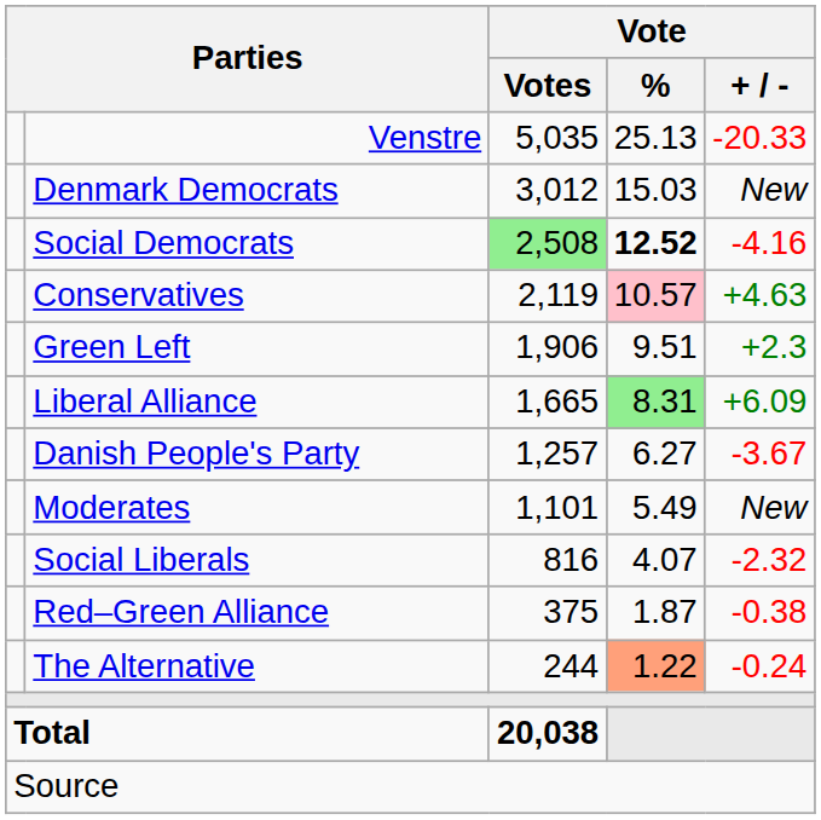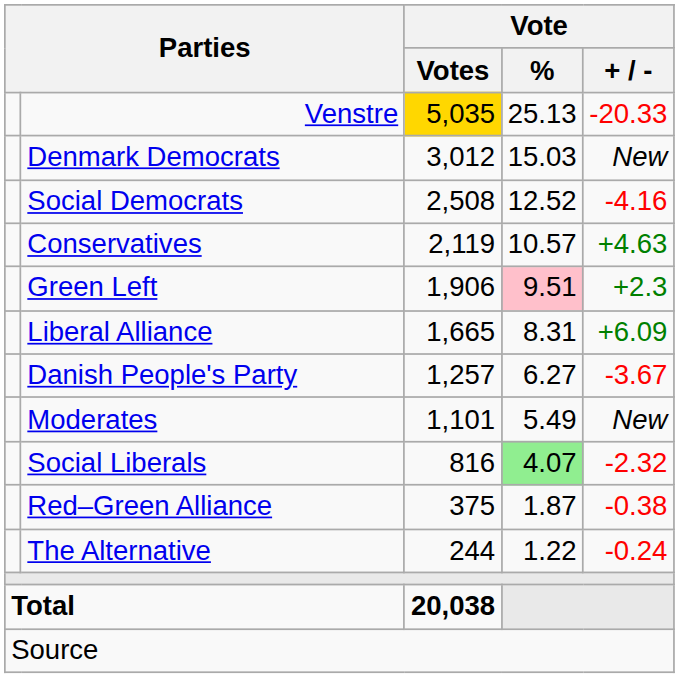 <table class="wikitable" style="text-align:right;">
 <tr>
 <th style="text-align:centre;" rowspan="2" colspan="2" width="225">Parties</th>
 <th colspan="3">Vote</th>
 </tr>
 <tr>
 <th width="15">Votes</th>
 <th width="15">%</th>
 <th width="15">+ / -</th>
 </tr>
 <tr>
 <td width=2 bgcolor=></td>
 <td><a href='#'>Venstre</a></td>
-<td>5,035</td>
+<td style="background: gold;">5,035</td>
 <td>25.13</td>
 <td style=color:red;>-20.33</td>
 </tr>
 <tr>
 <td width=2 bgcolor=></td>
 <td align=left><a href='#'>Denmark Democrats</a></td>
 <td>3,012</td>
 <td>15.03</td>
 <td><em>New</em></td>
 </tr>
 <tr>
 <td width=2 bgcolor=></td>
 <td align=left><a href='#'>Social Democrats</a></td>
-<td style="background: lightgreen;">2,508</td>
-<td><strong>12.52</strong></td>
+<td>2,508</td>
+<td>12.52</td>
 <td style=color:red;>-4.16</td>
 </tr>
 <tr>
 <td width=2 bgcolor=></td>
 <td align=left><a href='#'>Conservatives</a></td>
 <td>2,119</td>
-<td style="background: pink;">10.57</td>
+<td>10.57</td>
 <td style=color:green;>+4.63</td>
 </tr>
 <tr>
 <td width=2 bgcolor=></td>
 <td align=left><a href='#'>Green Left</a></td>
 <td>1,906</td>
-<td>9.51</td>
+<td style="background: pink;">9.51</td>
 <td style=color:green;>+2.3</td>
 </tr>
 <tr>
 <td width=2 bgcolor=></td>
 <td align=left><a href='#'>Liberal Alliance</a></td>
 <td>1,665</td>
-<td style="background: lightgreen;">8.31</td>
+<td>8.31</td>
 <td style=color:green;>+6.09</td>
 </tr>
 <tr>
 <td width=2 bgcolor=></td>
 <td align=left><a href='#'>Danish People's Party</a></td>
 <td>1,257</td>
 <td>6.27</td>
 <td style=color:red;>-3.67</td>
 </tr>
 <tr>
 <td width=2 bgcolor=></td>
 <td align=left><a href='#'>Moderates</a></td>
 <td>1,101</td>
 <td>5.49</td>
 <td><em>New</em></td>
 </tr>
 <tr>
 <td width=2 bgcolor=></td>
 <td align=left><a href='#'>Social Liberals</a></td>
 <td>816</td>
-<td>4.07</td>
+<td style="background: lightgreen;">4.07</td>
 <td style=color:red;>-2.32</td>
 </tr>
 <tr>
 <td width=2 bgcolor=></td>
 <td align=left><a href='#'>Red–Green Alliance</a></td>
 <td>375</td>
 <td>1.87</td>
 <td style=color:red;>-0.38</td>
 </tr>
 <tr>
 <td width=2 bgcolor=></td>
 <td align=left><a href='#'>The Alternative</a></td>
 <td>244</td>
-<td style="background: lightsalmon;">1.22</td>
+<td>1.22</td>
 <td style=color:red;>-0.24</td>
 </tr>
 <tr>
 <td colspan="7" bgcolor="#E9E9E9"></td>
 </tr>
 <tr>
 <td align="left" colspan="2"><strong>Total</strong></td>
 <td><strong>20,038</strong></td>
 <td bgcolor=#E9E9E9 colspan=2></td>
 </tr>
 <tr>
 <td align="left" colspan="6">Source</td>
 </tr>
 </table>
